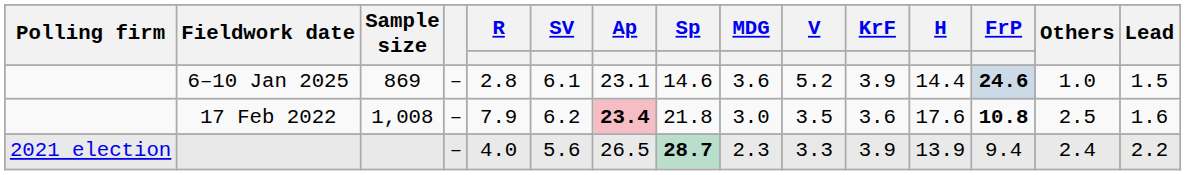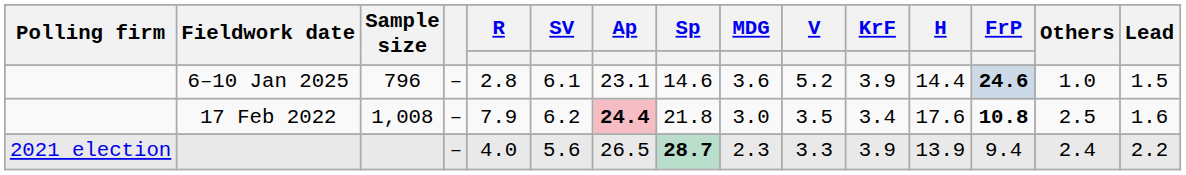 <table class="wikitable sortable mw-datatable" style="text-align:center;font-size:90%;line-height:14px;">
 <tr>
 <th rowspan="2">Polling firm</th>
 <th rowspan="2">Fieldwork date</th>
 <th rowspan="2">Sample<br>size</th>
 <th rowspan="2"></th>
 <th class="unsortable" style="width:30px;"><a href='#'>R</a></th>
 <th class="unsortable" style="width:30px;"><a href='#'>SV</a></th>
 <th class="unsortable" style="width:30px;"><a href='#'>Ap</a></th>
 <th class="unsortable" style="width:30px;"><a href='#'>Sp</a></th>
 <th class="unsortable" style="width:30px;"><a href='#'>MDG</a></th>
 <th class="unsortable" style="width:30px;"><a href='#'>V</a></th>
 <th class="unsortable" style="width:30px;"><a href='#'>KrF</a></th>
 <th class="unsortable" style="width:30px;"><a href='#'>H</a></th>
 <th class="unsortable" style="width:30px;"><a href='#'>FrP</a></th>
 <th rowspan="2" class="unsortable" style="width:30px;">Others</th>
 <th rowspan="2">Lead</th>
 </tr>
 <tr>
 <th style="background:"></th>
 <th style="background:"></th>
 <th style="background:"></th>
 <th style="background:"></th>
 <th style="background:"></th>
 <th style="background:"></th>
 <th style="background:"></th>
 <th style="background:"></th>
 <th style="background:"></th>
 </tr>
 <tr>
 <td></td>
 <td>6–10 Jan 2025</td>
-<td>869</td>
+<td>796</td>
 <td>–</td>
 <td>2.8</td>
 <td>6.1</td>
 <td>23.1</td>
 <td>14.6</td>
 <td>3.6</td>
 <td>5.2</td>
 <td>3.9</td>
 <td>14.4</td>
 <td style="background:#ccdae8;"><strong>24.6</strong></td>
 <td>1.0</td>
 <td style="background:">1.5</td>
 </tr>
 <tr>
 <td></td>
 <td>17 Feb 2022</td>
 <td>1,008</td>
 <td>–</td>
 <td>7.9</td>
 <td>6.2</td>
-<td style="background:#F7BDC5;"><strong>23.4</strong></td>
+<td style="background:#F7BDC5;"><strong>24.4</strong></td>
 <td>21.8</td>
 <td>3.0</td>
 <td>3.5</td>
-<td>3.6</td>
+<td>3.4</td>
 <td>17.6</td>
 <td><strong>10.8</strong></td>
 <td>2.5</td>
 <td style="background:">1.6</td>
 </tr>
 <tr style="background:#E9E9E9;">
 <td><a href='#'>2021 election</a></td>
 <td></td>
 <td></td>
 <td>–</td>
 <td>4.0</td>
 <td>5.6</td>
 <td>26.5</td>
 <td style="background:#BADECC;"><strong>28.7</strong></td>
 <td>2.3</td>
 <td>3.3</td>
 <td>3.9</td>
 <td>13.9</td>
 <td>9.4</td>
 <td>2.4</td>
 <td style="background:">2.2</td>
 </tr>
 </table>
